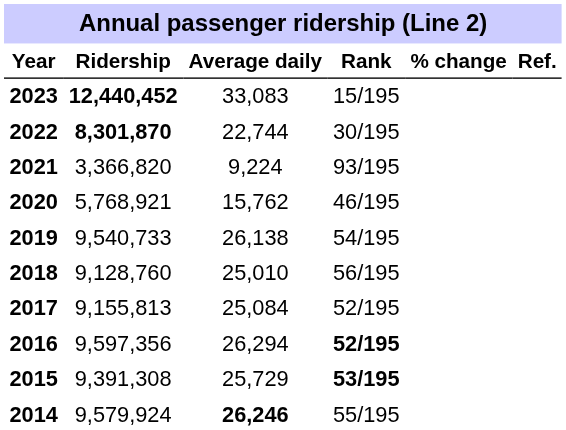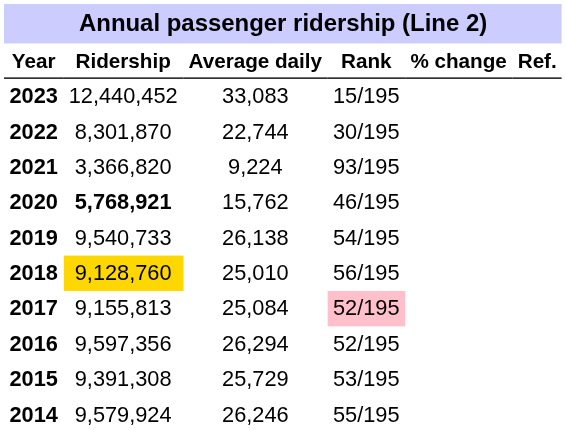 <table class="toccolours" cellpadding="4" cellspacing="0" style="text-align:right;">
 <tr>
 <th colspan="6"  style="background-color:#ccf; background-color:#ccf; font-size:110%; text-align:center;">Annual passenger ridership (Line 2)</th>
 </tr>
 <tr style="font-size:95%; text-align:center">
 <th style="border-bottom:1px solid black">Year</th>
 <th style="border-bottom:1px solid black">Ridership</th>
 <th style="border-bottom:1px solid black">Average daily</th>
 <th style="border-bottom:1px solid black">Rank</th>
 <th style="border-bottom:1px solid black">% change</th>
 <th style="border-bottom:1px solid black">Ref.</th>
 </tr>
 <tr style="text-align:center;">
 <td><strong>2023</strong></td>
-<td><strong>12,440,452</strong></td>
+<td>12,440,452</td>
 <td>33,083</td>
 <td>15/195</td>
 <td></td>
 <td></td>
 </tr>
 <tr>
 </tr>
 <tr style="text-align:center;">
 <td><strong>2022</strong></td>
-<td><strong>8,301,870</strong></td>
+<td>8,301,870</td>
 <td>22,744</td>
 <td>30/195</td>
 <td></td>
 <td></td>
 </tr>
 <tr style="text-align:center;">
 <td><strong>2021</strong></td>
 <td>3,366,820</td>
 <td>9,224</td>
 <td>93/195</td>
 <td></td>
 <td></td>
 </tr>
 <tr style="text-align:center;">
 <td><strong>2020</strong></td>
-<td>5,768,921</td>
+<td><strong>5,768,921</strong></td>
 <td>15,762</td>
 <td>46/195</td>
 <td></td>
 <td></td>
 </tr>
 <tr style="text-align:center;">
 <td><strong>2019</strong></td>
 <td>9,540,733</td>
 <td>26,138</td>
 <td>54/195</td>
 <td></td>
 <td></td>
 </tr>
 <tr style="text-align:center;">
 <td><strong>2018</strong></td>
-<td>9,128,760</td>
+<td style="background: gold;">9,128,760</td>
 <td>25,010</td>
 <td>56/195</td>
 <td></td>
 <td></td>
 </tr>
 <tr style="text-align:center;">
 <td><strong>2017</strong></td>
 <td>9,155,813</td>
 <td>25,084</td>
-<td>52/195</td>
+<td style="background: pink;">52/195</td>
 <td></td>
 <td></td>
 </tr>
 <tr style="text-align:center;">
 <td><strong>2016</strong></td>
 <td>9,597,356</td>
 <td>26,294</td>
-<td><strong>52/195</strong></td>
+<td>52/195</td>
 <td></td>
 <td></td>
 </tr>
 <tr style="text-align:center;">
 <td><strong>2015</strong></td>
 <td>9,391,308</td>
 <td>25,729</td>
-<td><strong>53/195</strong></td>
+<td>53/195</td>
 <td></td>
 <td></td>
 </tr>
 <tr style="text-align:center;">
 <td><strong>2014</strong></td>
 <td>9,579,924</td>
-<td><strong>26,246</strong></td>
+<td>26,246</td>
 <td>55/195</td>
 <td></td>
 <td></td>
 </tr>
 </table>
